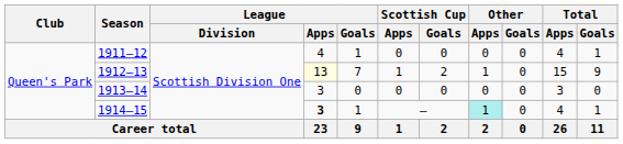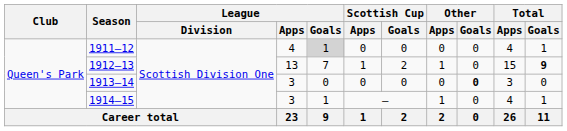 <table class="wikitable" style="text-align: center;">
 <tr>
 <th rowspan="2">Club</th>
 <th rowspan="2">Season</th>
 <th colspan="3">League</th>
 <th colspan="2">Scottish Cup</th>
 <th colspan="2">Other</th>
 <th colspan="2">Total</th>
 </tr>
 <tr>
 <th>Division</th>
 <th>Apps</th>
 <th>Goals</th>
 <th>Apps</th>
 <th>Goals</th>
 <th>Apps</th>
 <th>Goals</th>
 <th>Apps</th>
 <th>Goals</th>
 </tr>
 <tr>
 <td rowspan="4"><a href='#'>Queen's Park</a></td>
 <td><a href='#'>1911–12</a></td>
 <td rowspan="4"><a href='#'>Scottish Division One</a></td>
 <td>4</td>
-<td>1</td>
+<td style="background: lightgrey;">1</td>
 <td>0</td>
 <td>0</td>
 <td>0</td>
 <td>0</td>
 <td>4</td>
 <td>1</td>
 </tr>
 <tr>
 <td><a href='#'>1912–13</a></td>
-<td style="background: lightyellow;">13</td>
+<td>13</td>
 <td>7</td>
 <td>1</td>
 <td>2</td>
 <td>1</td>
 <td>0</td>
 <td>15</td>
-<td>9</td>
+<td><strong>9</strong></td>
 </tr>
 <tr>
 <td><a href='#'>1913–14</a></td>
 <td>3</td>
 <td>0</td>
 <td>0</td>
 <td>0</td>
 <td>0</td>
-<td>0</td>
+<td><strong>0</strong></td>
 <td>3</td>
 <td>0</td>
 </tr>
 <tr>
 <td><a href='#'>1914–15</a></td>
-<td><strong>3</strong></td>
+<td>3</td>
 <td>1</td>
 <td colspan="2">―</td>
-<td style="background: paleturquoise;">1</td>
+<td>1</td>
 <td>0</td>
 <td>4</td>
 <td>1</td>
 </tr>
 <tr>
 <th colspan="3">Career total</th>
 <th>23</th>
 <th>9</th>
 <th>1</th>
 <th>2</th>
 <th>2</th>
 <th>0</th>
 <th>26</th>
 <th>11</th>
 </tr>
 </table>
